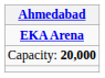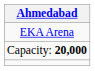 <table class="wikitable" style="text-align:center">
 <tr>
 <th><a href='#'>Ahmedabad</a></th>
 </tr>
 <tr>
-<td><strong><a href='#'>EKA Arena</a></strong></td>
+<td><a href='#'>EKA Arena</a></td>
 </tr>
 <tr>
 <td>Capacity: <strong>20,000</strong></td>
 </tr>
 <tr>
 <td rowspan="2"></td>
 </tr>
 </table>
